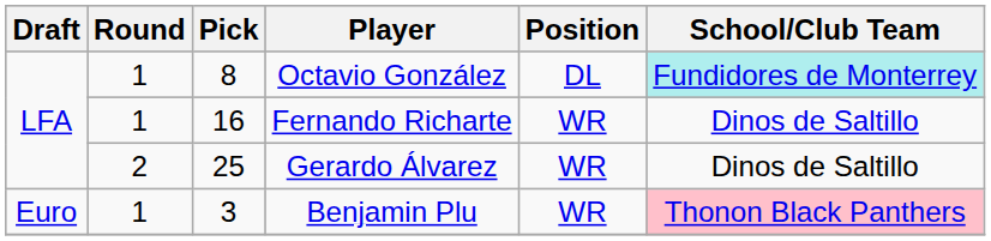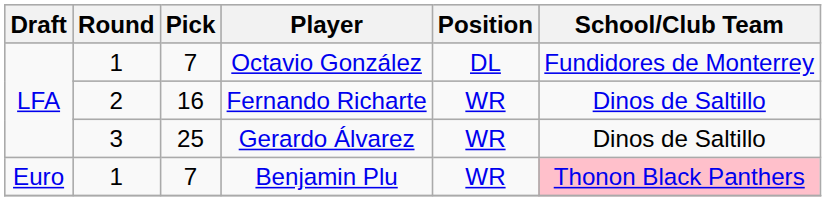 <table class="wikitable" style="font-size: 95%;">
 <tr>
 <th scope="col">Draft</th>
 <th scope="col">Round</th>
 <th scope="col">Pick</th>
 <th scope="col">Player</th>
 <th scope="col">Position</th>
 <th scope="col">School/Club Team</th>
 </tr>
 <tr align="center">
 <td align=center rowspan="3"><a href='#'>LFA</a></td>
 <td>1</td>
-<td>8</td>
+<td>7</td>
 <td><a href='#'>Octavio González</a></td>
 <td><a href='#'>DL</a></td>
-<td style="background: paleturquoise;"><a href='#'>Fundidores de Monterrey</a></td>
+<td><a href='#'>Fundidores de Monterrey</a></td>
 </tr>
 <tr align="center">
-<td>1</td>
+<td>2</td>
 <td>16</td>
 <td><a href='#'>Fernando Richarte</a></td>
 <td><a href='#'>WR</a></td>
 <td><a href='#'>Dinos de Saltillo</a></td>
 </tr>
 <tr align="center">
-<td>2</td>
+<td>3</td>
 <td>25</td>
 <td><a href='#'>Gerardo Álvarez</a></td>
 <td><a href='#'>WR</a></td>
 <td>Dinos de Saltillo</td>
 </tr>
 <tr align="center">
 <td align=center><a href='#'>Euro</a></td>
 <td>1</td>
-<td>3</td>
+<td>7</td>
 <td><a href='#'>Benjamin Plu</a></td>
 <td><a href='#'>WR</a></td>
 <td style="background: pink;"><a href='#'>Thonon Black Panthers</a></td>
 </tr>
 <tr>
 </tr>
 </table>
